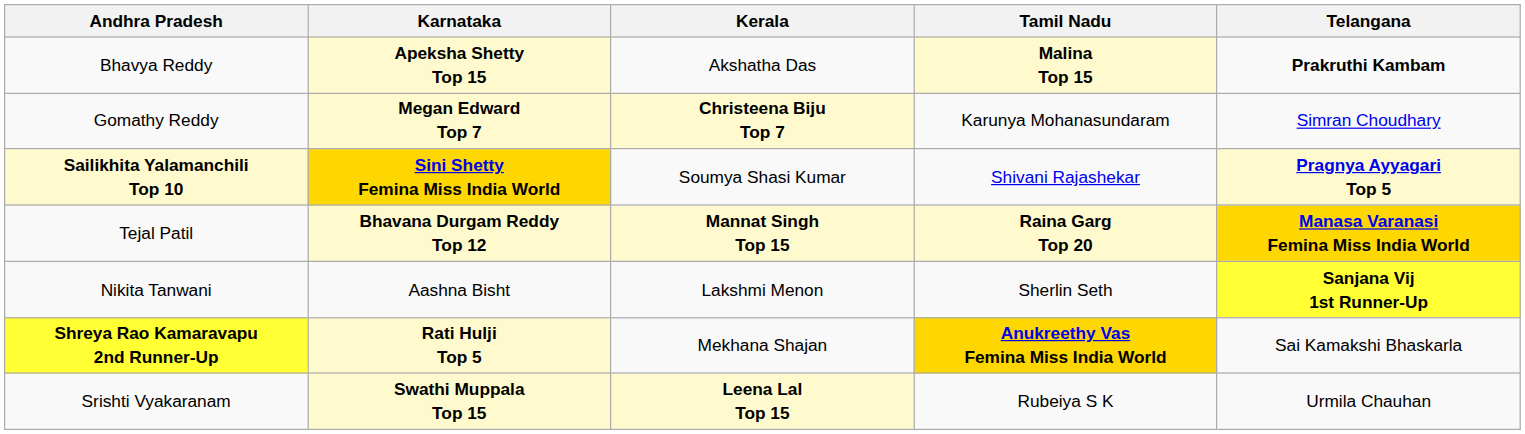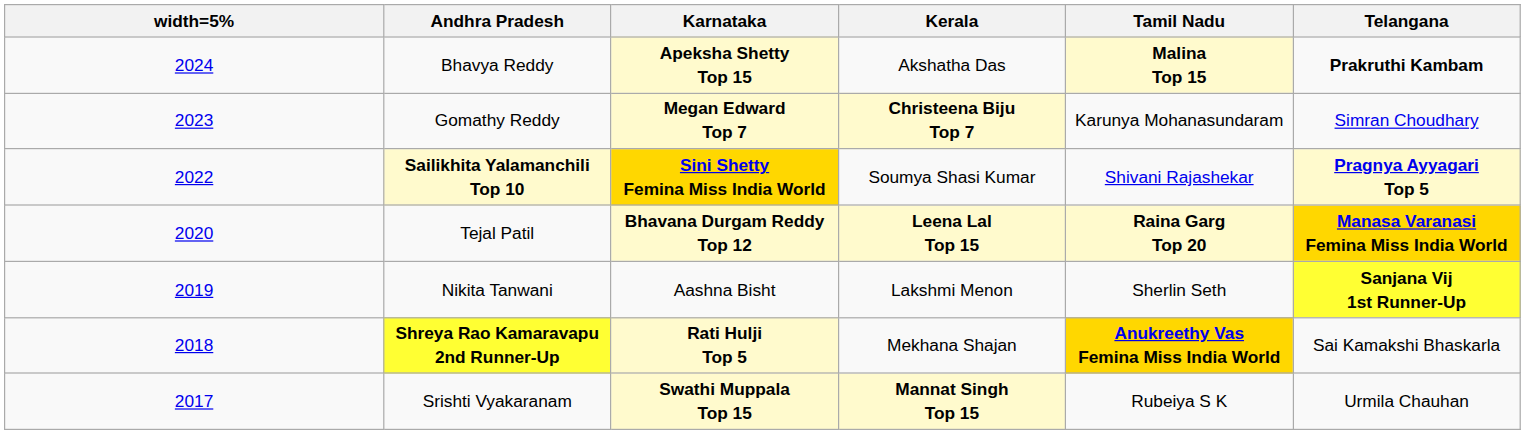 <table class="wikitable" style="text-align:center; line-height:20px; font-size:90%; width:100%;">
 <tr>
+<th>width=5%</th>
 <th width=15%>Andhra Pradesh</th>
 <th width=15%>Karnataka</th>
 <th width=15%>Kerala</th>
 <th width=15%>Tamil Nadu</th>
 <th width=15%>Telangana</th>
 </tr>
 <tr>
+<td><a href='#'>2024</a></td>
 <td>Bhavya Reddy</td>
 <td style="background:#FFFACD;"><strong>Apeksha Shetty<br>Top 15</strong></td>
 <td>Akshatha Das</td>
 <td style="background:#FFFACD;"><strong>Malina<br>Top 15</strong></td>
 <td><strong>Prakruthi Kambam</strong></td>
 </tr>
 <tr>
+<td align="center"><a href='#'>2023</a></td>
 <td align="center">Gomathy Reddy</td>
 <td align="center" style="background:#FFFACD;"><strong>Megan Edward<br>Top 7</strong></td>
 <td align="center" style="background:#FFFACD;"><strong>Christeena Biju<br>Top 7</strong></td>
 <td align="center">Karunya Mohanasundaram</td>
 <td align="center"><a href='#'>Simran Choudhary</a></td>
 </tr>
 <tr>
+<td align="center"><a href='#'>2022</a></td>
 <td align="center" style="background:#FFFACD;"><strong>Sailikhita Yalamanchili<br>Top 10</strong></td>
 <td align="center" style="background:gold;"><strong><a href='#'>Sini Shetty</a><br>Femina Miss India World</strong></td>
 <td align="center">Soumya Shasi Kumar</td>
 <td align="center"><a href='#'>Shivani Rajashekar</a></td>
 <td align="center" style="background:#FFFACD;"><strong><a href='#'>Pragnya Ayyagari</a><br>Top 5</strong></td>
 </tr>
 <tr>
+<td align="center"><a href='#'>2020</a></td>
 <td align="center">Tejal Patil</td>
 <td align="center" style="background:#FFFACD;"><strong>Bhavana Durgam Reddy<br>Top 12</strong></td>
-<td align="center" style="background:#FFFACD;"><strong>Mannat Singh<br>Top 15</strong></td>
+<td align="center" style="background:#FFFACD;"><strong>Leena Lal<br>Top 15</strong></td>
 <td align="center" style="background:#FFFACD;"><strong>Raina Garg<br>Top 20</strong></td>
 <td align="center" style="background:gold;"><strong><a href='#'>Manasa Varanasi</a><br>Femina Miss India World</strong></td>
 </tr>
 <tr>
+<td align="center"><a href='#'>2019</a></td>
 <td align="center">Nikita Tanwani</td>
 <td align="center">Aashna Bisht</td>
 <td align="center">Lakshmi Menon</td>
 <td align="center">Sherlin Seth</td>
 <td align="center" style="background:#FFFF33;"><strong>Sanjana Vij<br>1st Runner-Up</strong></td>
 </tr>
 <tr>
+<td align="center"><a href='#'>2018</a></td>
 <td align="center" style="background:#FFFF33;"><strong>Shreya Rao Kamaravapu<br>2nd Runner-Up</strong></td>
 <td align="center" style="background:#FFFACD;"><strong>Rati Hulji<br>Top 5</strong></td>
 <td align="center">Mekhana Shajan</td>
 <td align="center" style="background:gold;"><strong><a href='#'>Anukreethy Vas</a><br>Femina Miss India World</strong></td>
 <td align="center">Sai Kamakshi Bhaskarla</td>
 </tr>
 <tr>
+<td align="center"><a href='#'>2017</a></td>
 <td align="center">Srishti Vyakaranam</td>
 <td align="center" style="background:#FFFACD;"><strong>Swathi Muppala<br>Top 15</strong></td>
-<td align="center" style="background:#FFFACD;"><strong>Leena Lal<br>Top 15</strong></td>
+<td align="center" style="background:#FFFACD;"><strong>Mannat Singh<br>Top 15</strong></td>
 <td align="center">Rubeiya S K</td>
 <td align="center">Urmila Chauhan</td>
 </tr>
 </table>
